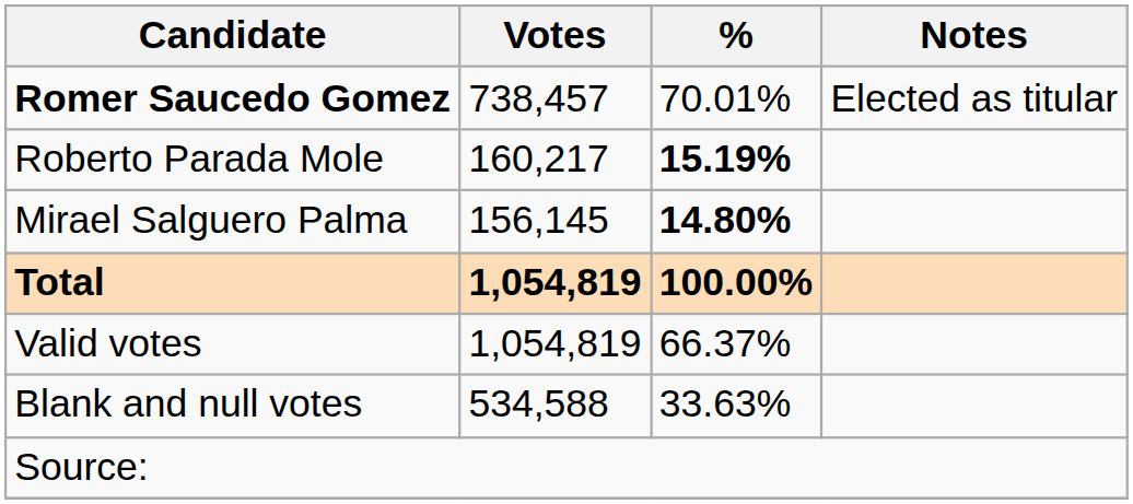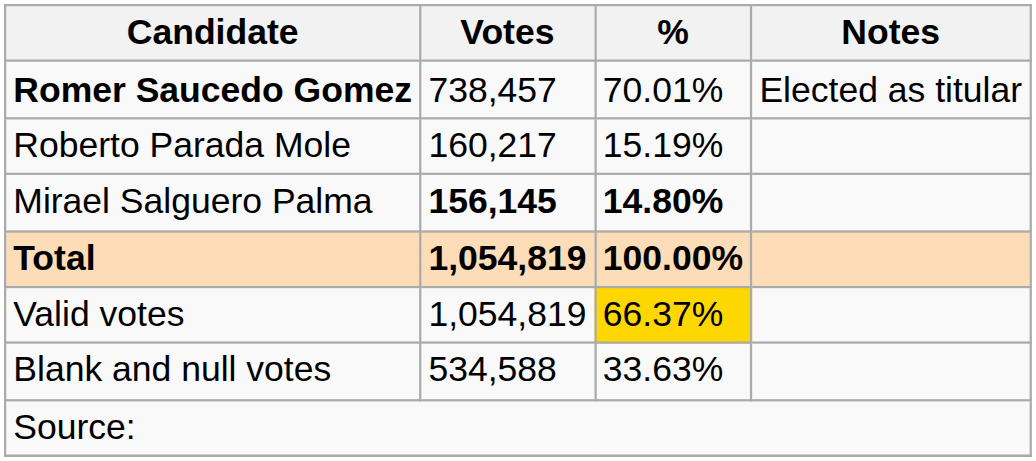 <table class=wikitable>
 <tr>
 <th>Candidate</th>
 <th>Votes</th>
 <th>%</th>
 <th>Notes</th>
 </tr>
 <tr>
 <td><strong>Romer Saucedo Gomez</strong></td>
 <td>738,457</td>
 <td>70.01%</td>
 <td>Elected as titular</td>
 </tr>
 <tr>
 <td>Roberto Parada Mole</td>
 <td>160,217</td>
-<td><strong>15.19%</strong></td>
+<td>15.19%</td>
 <td></td>
 </tr>
 <tr>
 <td>Mirael Salguero Palma</td>
-<td>156,145</td>
+<td><strong>156,145</strong></td>
 <td><strong>14.80%</strong></td>
 <td></td>
 </tr>
 <tr>
 <td style="background:#FDDCB8"><strong>Total</strong></td>
 <td style="background:#FDDCB8"><strong>1,054,819</strong></td>
 <td style="background:#FDDCB8"><strong>100.00%</strong></td>
 <td style="background:#FDDCB8"></td>
 </tr>
 <tr>
 <td>Valid votes</td>
 <td>1,054,819</td>
-<td>66.37%</td>
+<td style="background: gold;">66.37%</td>
 <td></td>
 </tr>
 <tr>
 <td>Blank and null votes</td>
 <td>534,588</td>
 <td>33.63%</td>
 <td></td>
 </tr>
 <tr>
 <td colspan="4">Source: </td>
 </tr>
 <tr>
 </tr>
 </table>
